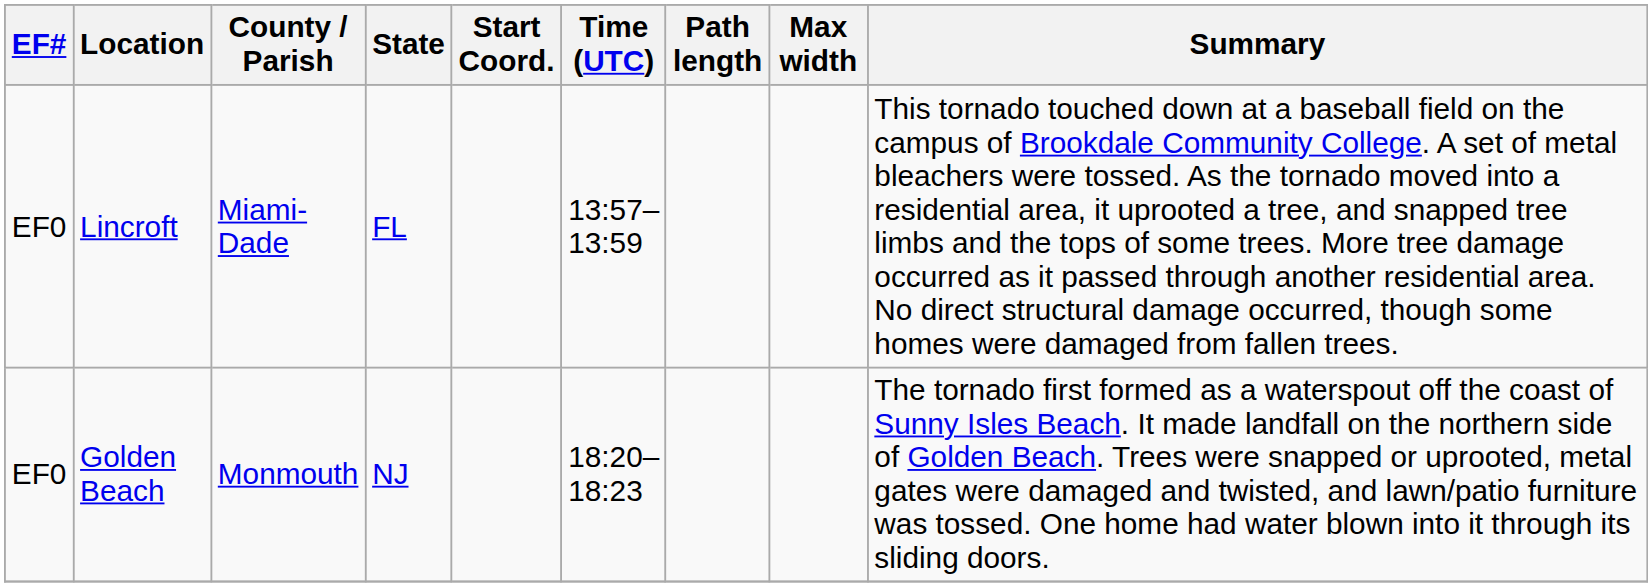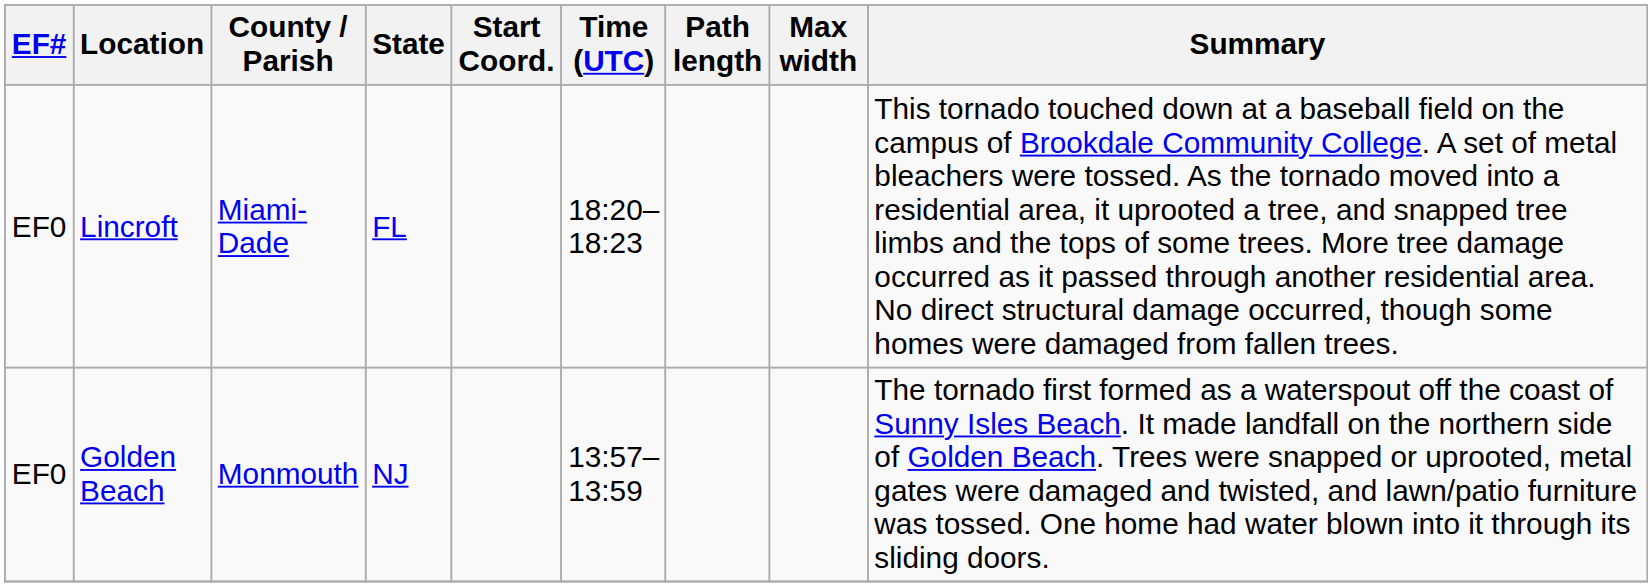 <table class="wikitable sortable" style="width:100%;">
 <tr>
 <th scope="col"  style="width:3%; text-align:center;"><a href='#'>EF#</a></th>
 <th scope="col"  style="width:7%; text-align:center;" class="unsortable">Location</th>
 <th scope="col"  style="width:6%; text-align:center;" class="unsortable">County / Parish</th>
 <th scope="col"  style="width:5%; text-align:center;">State</th>
 <th scope="col"  style="width:6%; text-align:center;">Start Coord.</th>
 <th scope="col"  style="width:6%; text-align:center;">Time (<a href='#'>UTC</a>)</th>
 <th scope="col"  style="width:6%; text-align:center;">Path length</th>
 <th scope="col"  style="width:6%; text-align:center;">Max width</th>
 <th scope="col" class="unsortable" style="width:48%; text-align:center;">Summary</th>
 </tr>
 <tr>
 <td>EF0</td>
 <td><a href='#'>Lincroft</a></td>
 <td><a href='#'>Miami-Dade</a></td>
 <td><a href='#'>FL</a></td>
 <td></td>
-<td>13:57–13:59</td>
+<td>18:20–18:23</td>
 <td></td>
 <td></td>
 <td>This tornado touched down at a baseball field on the campus of <a href='#'>Brookdale Community College</a>. A set of metal bleachers were tossed. As the tornado moved into a residential area, it uprooted a tree, and snapped tree limbs and the tops of some trees. More tree damage occurred as it passed through another residential area. No direct structural damage occurred, though some homes were damaged from fallen trees.</td>
 </tr>
 <tr>
 <td>EF0</td>
 <td><a href='#'>Golden Beach</a></td>
 <td><a href='#'>Monmouth</a></td>
 <td><a href='#'>NJ</a></td>
 <td></td>
-<td>18:20–18:23</td>
+<td>13:57–13:59</td>
 <td></td>
 <td></td>
 <td>The tornado first formed as a waterspout off the coast of <a href='#'>Sunny Isles Beach</a>. It made landfall on the northern side of <a href='#'>Golden Beach</a>. Trees were snapped or uprooted, metal gates were damaged and twisted, and lawn/patio furniture was tossed. One home had water blown into it through its sliding doors.</td>
 </tr>
 <tr>
 </tr>
 </table>
